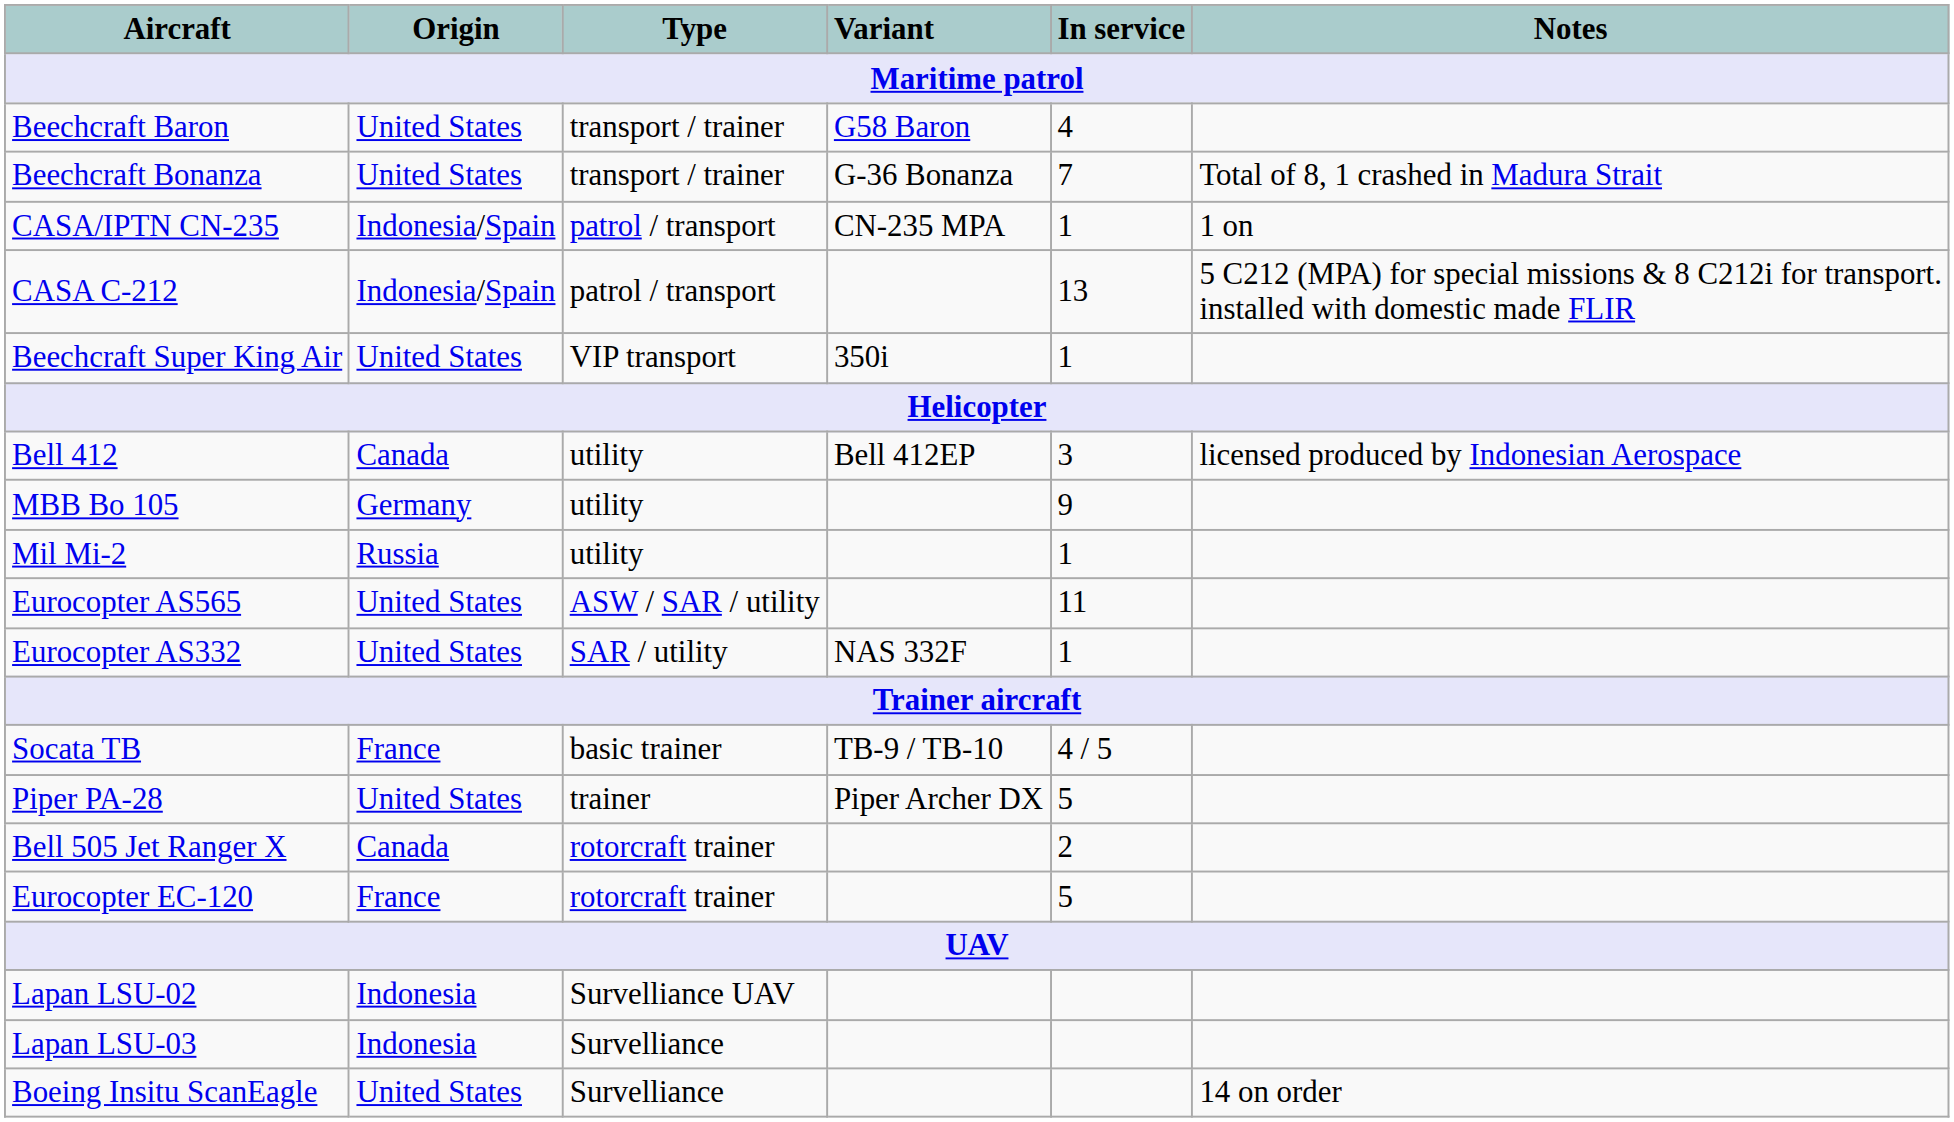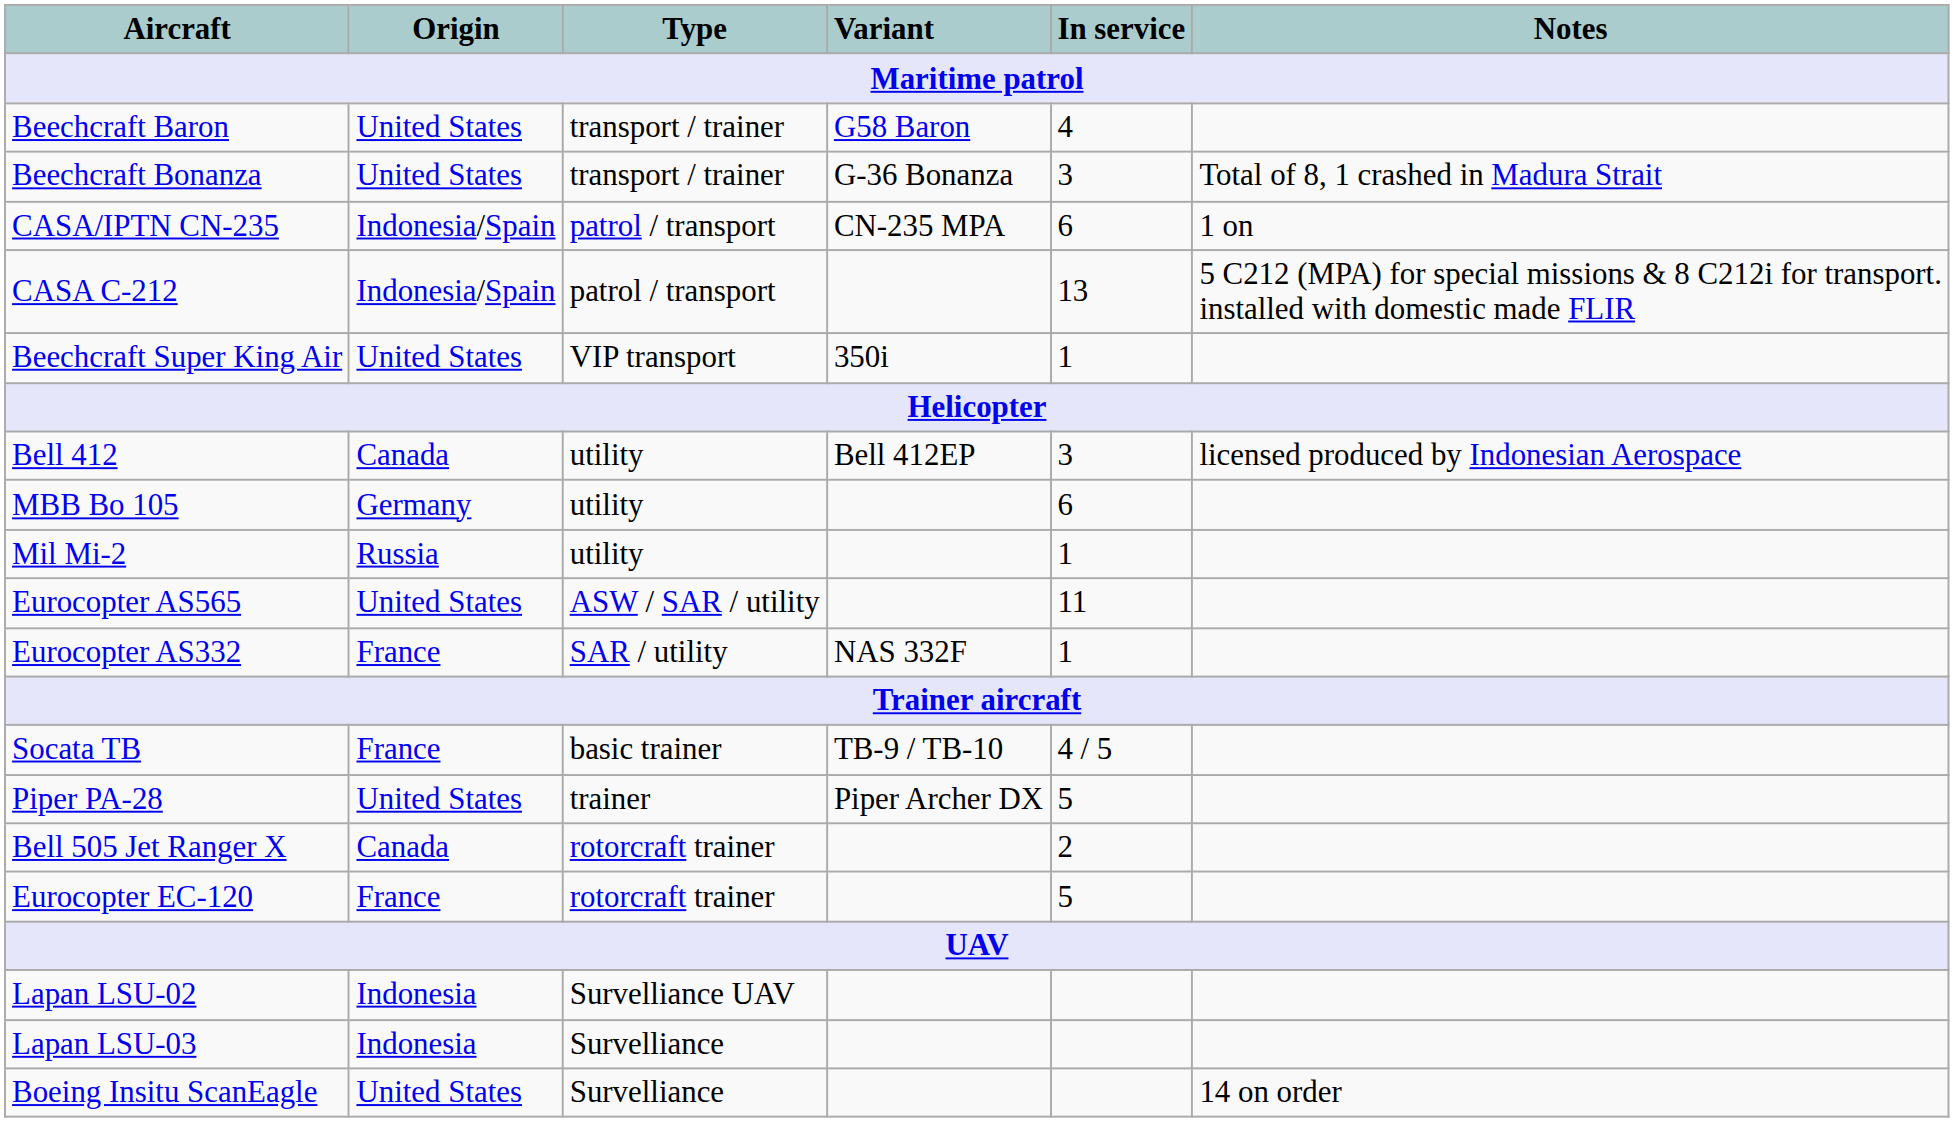 <table class="wikitable">
 <tr>
 <th style="text-align:center; background:#acc;">Aircraft</th>
 <th style="text-align: center; background:#acc;">Origin</th>
 <th style="text-align:l center; background:#acc;">Type</th>
 <th style="text-align:left; background:#acc;">Variant</th>
 <th style="text-align:center; background:#acc;">In service</th>
 <th style="text-align: center; background:#acc;">Notes</th>
 </tr>
 <tr>
 <th style="align: center; background: lavender;" colspan="6"><a href='#'>Maritime patrol</a></th>
 </tr>
 <tr>
 <td><a href='#'>Beechcraft Baron</a></td>
 <td><a href='#'>United States</a></td>
 <td>transport / trainer</td>
 <td><a href='#'>G58 Baron</a></td>
 <td>4</td>
 <td></td>
 </tr>
 <tr>
 <td><a href='#'>Beechcraft Bonanza</a></td>
 <td><a href='#'>United States</a></td>
 <td>transport / trainer</td>
 <td>G-36 Bonanza</td>
-<td>7</td>
+<td>3</td>
 <td>Total of 8, 1 crashed in <a href='#'>Madura Strait</a></td>
 </tr>
 <tr>
 <td><a href='#'>CASA/IPTN CN-235</a></td>
 <td><a href='#'>Indonesia</a>/<a href='#'>Spain</a></td>
 <td><a href='#'>patrol</a> / transport</td>
 <td>CN-235 MPA</td>
-<td>1</td>
+<td>6</td>
 <td>1 on </td>
 </tr>
 <tr>
 <td><a href='#'>CASA C-212</a></td>
 <td><a href='#'>Indonesia</a>/<a href='#'>Spain</a></td>
 <td>patrol / transport</td>
 <td></td>
 <td>13</td>
 <td>5 C212 (MPA) for special missions & 8 C212i for transport.<br>installed with domestic made <a href='#'>FLIR</a></td>
 </tr>
 <tr>
 <td><a href='#'>Beechcraft Super King Air</a></td>
 <td><a href='#'>United States</a></td>
 <td>VIP transport</td>
 <td>350i</td>
 <td>1</td>
 <td></td>
 </tr>
 <tr>
 <th style="align: center; background: lavender;" colspan="6"><a href='#'>Helicopter</a></th>
 </tr>
 <tr>
 <td><a href='#'>Bell 412</a></td>
 <td><a href='#'>Canada</a></td>
 <td>utility</td>
 <td>Bell 412EP</td>
 <td>3</td>
 <td>licensed produced by <a href='#'>Indonesian Aerospace</a></td>
 </tr>
 <tr>
 <td><a href='#'>MBB Bo 105</a></td>
 <td><a href='#'>Germany</a></td>
 <td>utility</td>
 <td></td>
-<td>9</td>
+<td>6</td>
 <td></td>
 </tr>
 <tr>
 <td><a href='#'>Mil Mi-2</a></td>
 <td><a href='#'>Russia</a></td>
 <td>utility</td>
 <td></td>
 <td>1</td>
 <td></td>
 </tr>
 <tr>
 <td><a href='#'>Eurocopter AS565</a></td>
 <td><a href='#'>United States</a></td>
 <td><a href='#'>ASW</a> / <a href='#'>SAR</a> / utility</td>
 <td></td>
 <td>11</td>
 <td></td>
 </tr>
 <tr>
 <td><a href='#'>Eurocopter AS332</a></td>
-<td><a href='#'>United States</a></td>
+<td><a href='#'>France</a></td>
 <td><a href='#'>SAR</a> / utility</td>
 <td>NAS 332F</td>
 <td>1</td>
 <td></td>
 </tr>
 <tr>
 <th style="align: center; background: lavender;" colspan="6"><a href='#'>Trainer aircraft</a></th>
 </tr>
 <tr>
 <td><a href='#'>Socata TB</a></td>
 <td><a href='#'>France</a></td>
 <td>basic trainer</td>
 <td>TB-9 / TB-10</td>
 <td>4 / 5</td>
 <td></td>
 </tr>
 <tr>
 <td><a href='#'>Piper PA-28</a></td>
 <td><a href='#'>United States</a></td>
 <td>trainer</td>
 <td>Piper Archer DX</td>
 <td>5</td>
 <td></td>
 </tr>
 <tr>
 <td><a href='#'>Bell 505 Jet Ranger X</a></td>
 <td><a href='#'>Canada</a></td>
 <td><a href='#'>rotorcraft</a> trainer</td>
 <td></td>
 <td>2</td>
 <td></td>
 </tr>
 <tr>
 <td><a href='#'>Eurocopter EC-120</a></td>
 <td><a href='#'>France</a></td>
 <td><a href='#'>rotorcraft</a> trainer</td>
 <td></td>
 <td>5</td>
 <td></td>
 </tr>
 <tr>
 <th style="align: center; background: lavender;" colspan="8"><a href='#'>UAV</a></th>
 </tr>
 <tr>
 <td><a href='#'>Lapan LSU-02</a></td>
 <td><a href='#'>Indonesia</a></td>
 <td>Survelliance UAV</td>
 <td></td>
 <td></td>
 <td></td>
 </tr>
 <tr>
 <td><a href='#'>Lapan LSU-03</a></td>
 <td><a href='#'>Indonesia</a></td>
 <td>Survelliance</td>
 <td></td>
 <td></td>
 <td></td>
 </tr>
 <tr>
 <td><a href='#'>Boeing Insitu ScanEagle</a></td>
 <td><a href='#'>United States</a></td>
 <td>Survelliance</td>
 <td></td>
 <td></td>
 <td>14 on order</td>
 </tr>
 </table>
